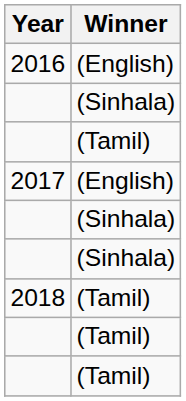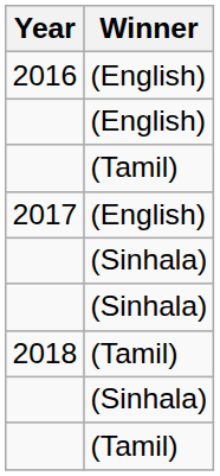 <table class="wikitable sortable mw-collapsible mw-collapsed">
 <tr>
 <th>Year</th>
 <th>Winner</th>
 </tr>
 <tr>
 <td>2016</td>
 <td>(English) </td>
 </tr>
 <tr>
 <td></td>
-<td>(Sinhala) </td>
+<td>(English) </td>
 </tr>
 <tr>
 <td></td>
 <td>(Tamil) </td>
 </tr>
 <tr>
 <td>2017</td>
 <td>(English) </td>
 </tr>
 <tr>
 <td></td>
 <td>(Sinhala) </td>
 </tr>
 <tr>
 <td></td>
 <td>(Sinhala) </td>
 </tr>
 <tr>
 <td>2018</td>
 <td>(Tamil) </td>
 </tr>
 <tr>
 <td></td>
-<td>(Tamil) </td>
+<td>(Sinhala) </td>
 </tr>
 <tr>
 <td></td>
 <td>(Tamil) </td>
 </tr>
 </table>
